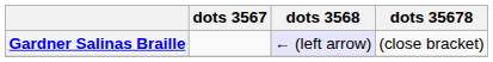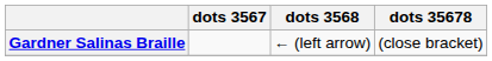 <table class="wikitable">
 <tr>
 <th></th>
 <th>dots 3567</th>
 <th>dots 3568</th>
 <th>dots 35678</th>
 </tr>
 <tr>
 <th align=left><a href='#'>Gardner Salinas Braille</a></th>
 <td></td>
-<td style="background: lavender;">← (left arrow)</td>
+<td>← (left arrow)</td>
 <td> (close bracket)</td>
 </tr>
 <tr>
 </tr>
 <tr>
 </tr>
 </table>
